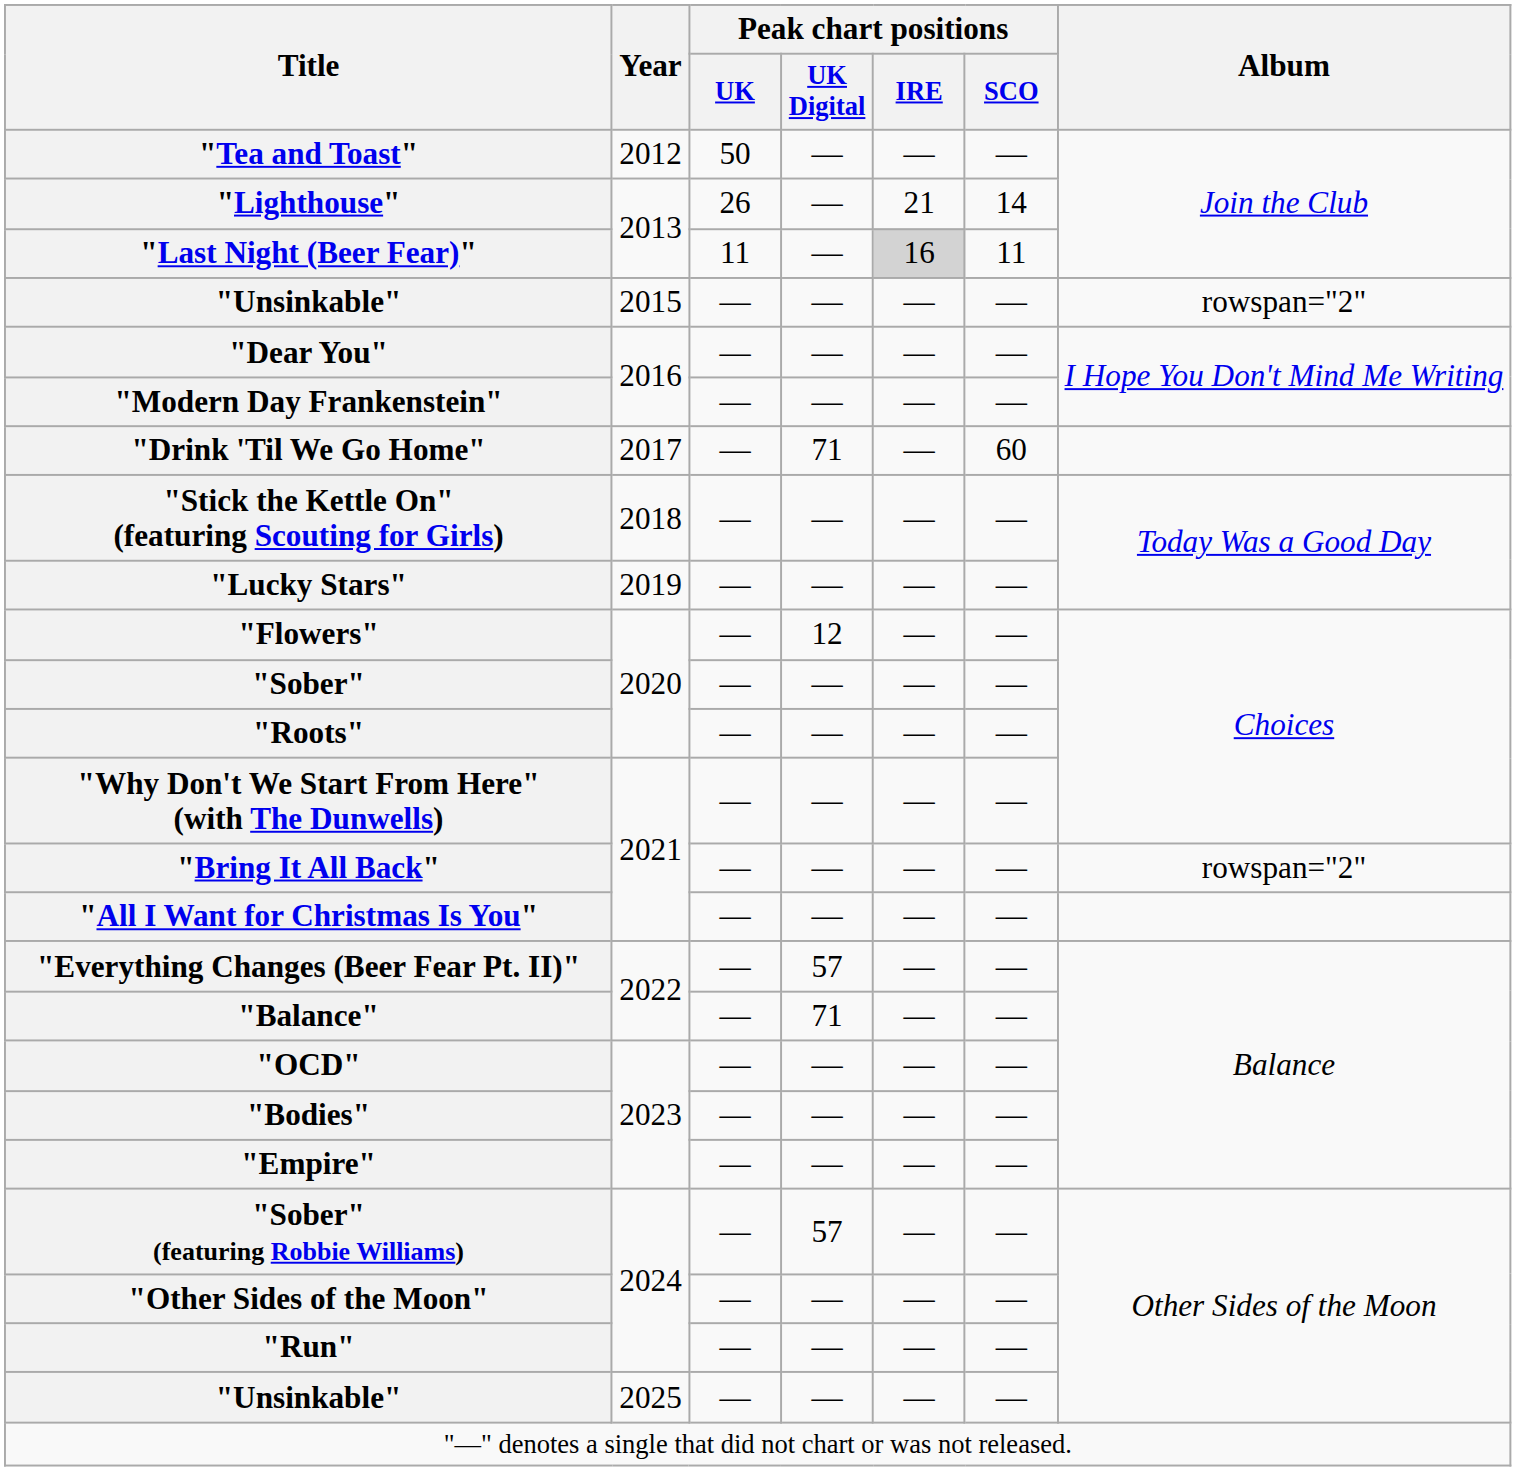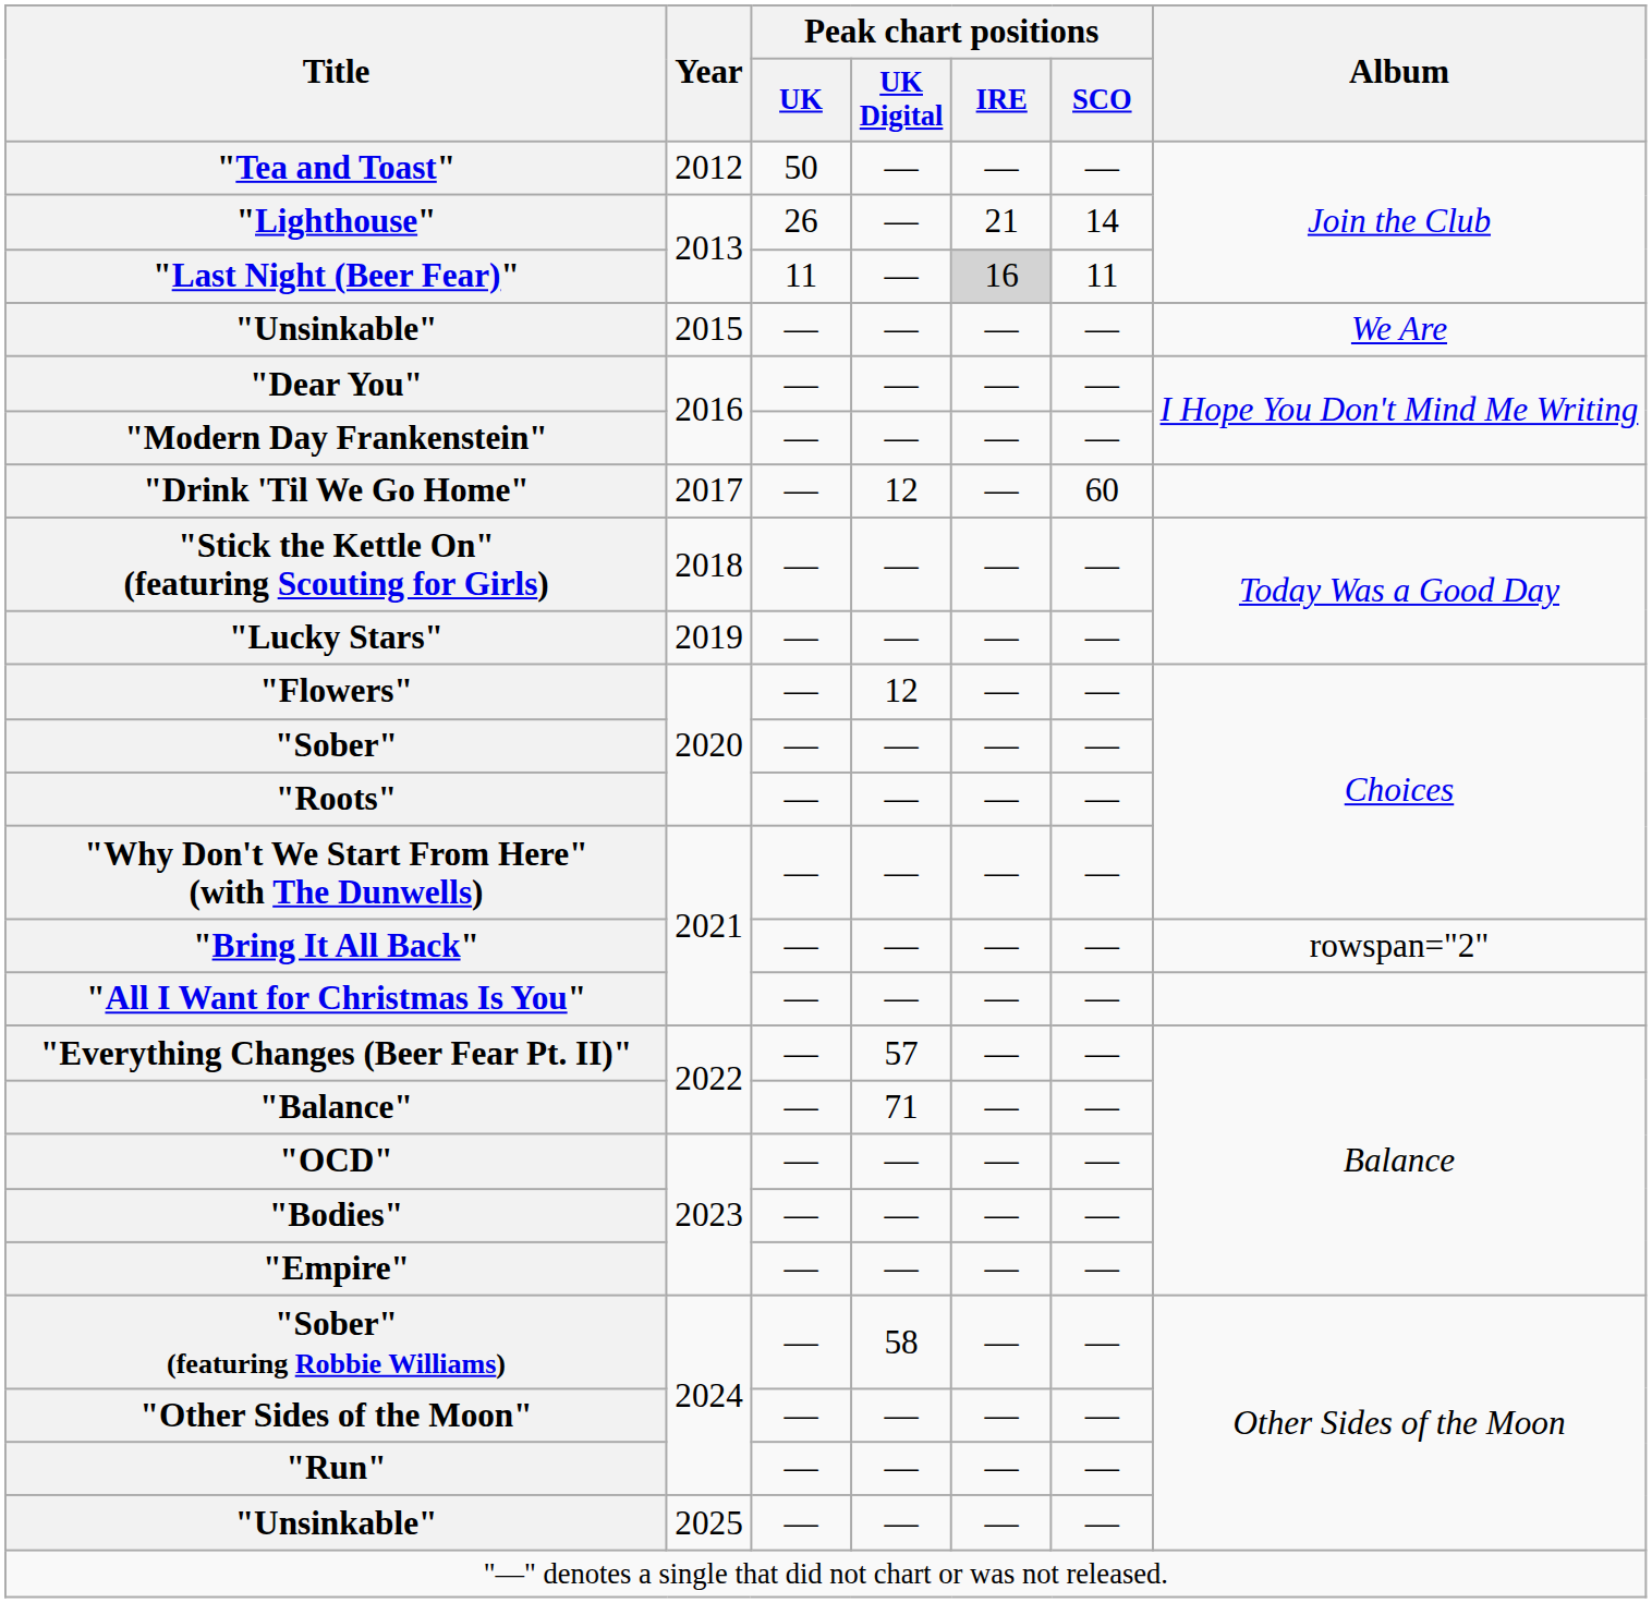 <table class="wikitable plainrowheaders" style="text-align:center;">
 <tr>
 <th scope="col" rowspan="2" style="width:19em;">Title</th>
 <th scope="col" rowspan="2" style="width:1em;">Year</th>
 <th scope="col" colspan="4">Peak chart positions</th>
 <th scope="col" rowspan="2">Album</th>
 </tr>
 <tr>
 <th scope="col" style="width:3em;font-size:85%;"><a href='#'>UK</a><br></th>
 <th scope="col" style="width:3em;font-size:85%;"><a href='#'>UK Digital</a></th>
 <th scope="col" style="width:3em;font-size:85%;"><a href='#'>IRE</a><br></th>
 <th scope="col" style="width:3em;font-size:85%;"><a href='#'>SCO</a><br></th>
 </tr>
 <tr>
 <th scope="row">"<a href='#'>Tea and Toast</a>"</th>
 <td>2012</td>
 <td>50</td>
 <td>—</td>
 <td>—</td>
 <td>—</td>
 <td rowspan="3"><em><a href='#'>Join the Club</a></em></td>
 </tr>
 <tr>
 <th scope="row">"<a href='#'>Lighthouse</a>"</th>
 <td rowspan="2">2013</td>
 <td>26</td>
 <td>—</td>
 <td>21</td>
 <td>14</td>
 </tr>
 <tr>
 <th scope="row">"<a href='#'>Last Night (Beer Fear)</a>"</th>
 <td>11</td>
 <td>—</td>
 <td style="background: lightgrey;">16</td>
 <td>11</td>
 </tr>
 <tr>
 <th scope="row">"Unsinkable"</th>
 <td>2015</td>
 <td>—</td>
 <td>—</td>
 <td>—</td>
 <td>—</td>
-<td>rowspan="2" </td>
+<td><em><a href='#'>We Are</a></em></td>
 </tr>
 <tr>
 <th scope="row">"Dear You"</th>
 <td rowspan="2">2016</td>
 <td>—</td>
 <td>—</td>
 <td>—</td>
 <td>—</td>
 <td rowspan="2"><em><a href='#'>I Hope You Don't Mind Me Writing</a></em></td>
 </tr>
 <tr>
 <th scope="row">"Modern Day Frankenstein"</th>
 <td>—</td>
 <td>—</td>
 <td>—</td>
 <td>—</td>
 </tr>
 <tr>
 <th scope="row">"Drink 'Til We Go Home"</th>
 <td>2017</td>
 <td>—</td>
-<td>71</td>
+<td>12</td>
 <td>—</td>
 <td>60</td>
 <td></td>
 </tr>
 <tr>
 <th scope="row">"Stick the Kettle On"<br><span>(featuring <a href='#'>Scouting for Girls</a>)</span></th>
 <td>2018</td>
 <td>—</td>
 <td>—</td>
 <td>—</td>
 <td>—</td>
 <td rowspan="2"><em><a href='#'>Today Was a Good Day</a></em></td>
 </tr>
 <tr>
 <th scope="row">"Lucky Stars"</th>
 <td>2019</td>
 <td>—</td>
 <td>—</td>
 <td>—</td>
 <td>—</td>
 </tr>
 <tr>
 <th scope="row">"Flowers"</th>
 <td rowspan="3">2020</td>
 <td>—</td>
 <td>12</td>
 <td>—</td>
 <td>—</td>
 <td rowspan="4"><em><a href='#'>Choices</a></em></td>
 </tr>
 <tr>
 <th scope="row">"Sober"</th>
 <td>—</td>
 <td>—</td>
 <td>—</td>
 <td>—</td>
 </tr>
 <tr>
 <th scope="row">"Roots"</th>
 <td>—</td>
 <td>—</td>
 <td>—</td>
 <td>—</td>
 </tr>
 <tr>
 <th scope="row">"Why Don't We Start From Here"<br><span>(with <a href='#'>The Dunwells</a>)</span></th>
 <td rowspan="3">2021</td>
 <td>—</td>
 <td>—</td>
 <td>—</td>
 <td>—</td>
 </tr>
 <tr>
 <th scope="row">"<a href='#'>Bring It All Back</a>"</th>
 <td>—</td>
 <td>—</td>
 <td>—</td>
 <td>—</td>
 <td>rowspan="2" </td>
 </tr>
 <tr>
 <th scope="row">"<a href='#'>All I Want for Christmas Is You</a>"</th>
 <td>—</td>
 <td>—</td>
 <td>—</td>
 <td>—</td>
 </tr>
 <tr>
 <th scope="row">"Everything Changes (Beer Fear Pt. II)"</th>
 <td rowspan="2">2022</td>
 <td>—</td>
 <td>57</td>
 <td>—</td>
 <td>—</td>
 <td rowspan="5"><em>Balance</em></td>
 </tr>
 <tr>
 <th scope="row">"Balance"</th>
 <td>—</td>
 <td>71</td>
 <td>—</td>
 <td>—</td>
 </tr>
 <tr>
 <th scope="row">"OCD"</th>
 <td rowspan="3">2023</td>
 <td>—</td>
 <td>—</td>
 <td>—</td>
 <td>—</td>
 </tr>
 <tr>
 <th scope="row">"Bodies"</th>
 <td>—</td>
 <td>—</td>
 <td>—</td>
 <td>—</td>
 </tr>
 <tr>
 <th scope="row">"Empire"</th>
 <td>—</td>
 <td>—</td>
 <td>—</td>
 <td>—</td>
 </tr>
 <tr>
 <th scope="row">"Sober"<br><small>(featuring <a href='#'>Robbie Williams</a>)</small></th>
 <td rowspan="3">2024</td>
 <td>—</td>
-<td>57</td>
+<td>58<br></td>
 <td>—</td>
 <td>—</td>
 <td rowspan="4"><em>Other Sides of the Moon</em></td>
 </tr>
 <tr>
 <th scope="row">"Other Sides of the Moon"</th>
 <td>—</td>
 <td>—</td>
 <td>—</td>
 <td>—</td>
 </tr>
 <tr>
 <th scope="row">"Run"</th>
 <td>—</td>
 <td>—</td>
 <td>—</td>
 <td>—</td>
 </tr>
 <tr>
 <th scope="row">"Unsinkable"</th>
 <td rowspan="1">2025</td>
 <td>—</td>
 <td>—</td>
 <td>—</td>
 <td>—</td>
 </tr>
 <tr>
 <td colspan="14" style="font-size:85%">"—" denotes a single that did not chart or was not released.</td>
 </tr>
 </table>
